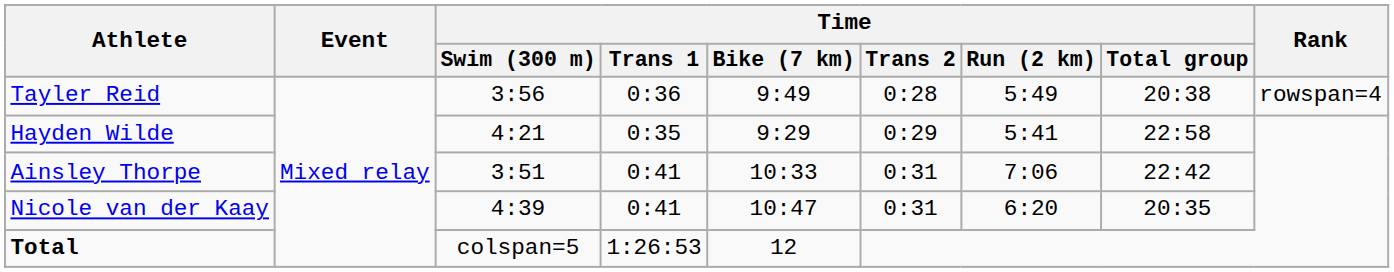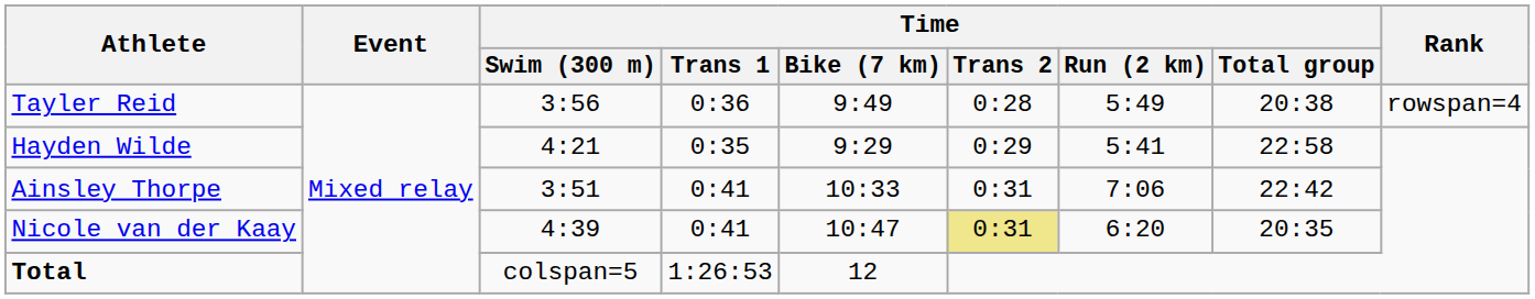 <table class="wikitable" style="font-size:90%;text-align:center;">
 <tr>
 <th rowspan=2>Athlete</th>
 <th rowspan=2>Event</th>
 <th colspan=6>Time</th>
 <th rowspan=2>Rank</th>
 </tr>
 <tr style="font-size:95%">
 <th>Swim (300 m)</th>
 <th>Trans 1</th>
 <th>Bike (7 km)</th>
 <th>Trans 2</th>
 <th>Run (2 km)</th>
 <th>Total group</th>
 </tr>
 <tr>
 <td align=left><a href='#'>Tayler Reid</a></td>
 <td align=left rowspan=5><a href='#'>Mixed relay</a></td>
 <td>3:56</td>
 <td>0:36</td>
 <td>9:49</td>
 <td>0:28</td>
 <td>5:49</td>
 <td>20:38</td>
 <td>rowspan=4 </td>
 </tr>
 <tr>
 <td align=left><a href='#'>Hayden Wilde</a></td>
 <td>4:21</td>
 <td>0:35</td>
 <td>9:29</td>
 <td>0:29</td>
 <td>5:41</td>
 <td>22:58</td>
 </tr>
 <tr>
 <td align=left><a href='#'>Ainsley Thorpe</a></td>
 <td>3:51</td>
 <td>0:41</td>
 <td>10:33</td>
 <td>0:31</td>
 <td>7:06</td>
 <td>22:42</td>
 </tr>
 <tr>
 <td align=left><a href='#'>Nicole van der Kaay</a></td>
 <td>4:39</td>
 <td>0:41</td>
 <td>10:47</td>
-<td>0:31</td>
+<td style="background: khaki;">0:31</td>
 <td>6:20</td>
 <td>20:35</td>
 </tr>
 <tr align=center>
 <td align=left><strong>Total</strong></td>
 <td>colspan=5 </td>
 <td>1:26:53</td>
 <td>12</td>
 </tr>
 </table>
